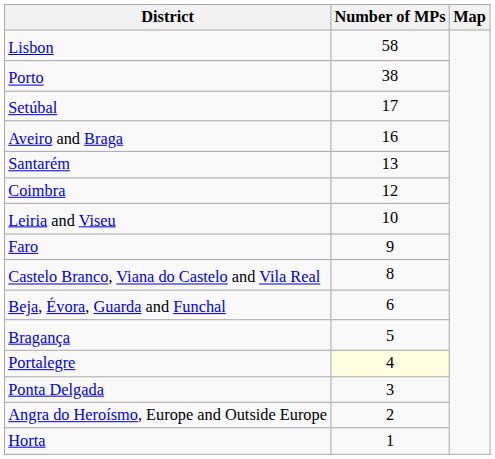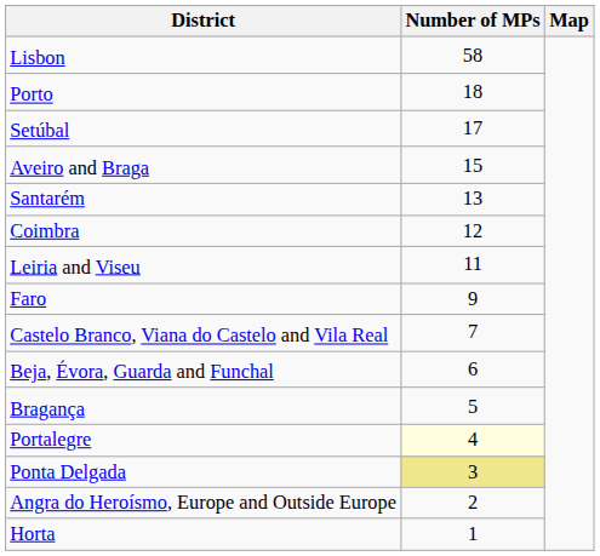 <table class="wikitable">
 <tr>
 <th>District</th>
 <th>Number of MPs</th>
 <th>Map</th>
 </tr>
 <tr>
 <td><a href='#'>Lisbon</a><sup></sup></td>
 <td style="text-align:center;">58</td>
 <td style="text-align:center;" rowspan="15"><br>                        </td>
 </tr>
 <tr>
 <td><a href='#'>Porto</a><sup></sup></td>
-<td style="text-align:center;">38</td>
+<td style="text-align:center;">18</td>
 </tr>
 <tr>
 <td><a href='#'>Setúbal</a><sup></sup></td>
 <td style="text-align:center;">17</td>
 </tr>
 <tr>
 <td><a href='#'>Aveiro</a><sup></sup> and <a href='#'>Braga</a></td>
-<td style="text-align:center;">16</td>
+<td style="text-align:center;">15</td>
 </tr>
 <tr>
 <td><a href='#'>Santarém</a></td>
 <td style="text-align:center;">13</td>
 </tr>
 <tr>
 <td><a href='#'>Coimbra</a></td>
 <td style="text-align:center;">12</td>
 </tr>
 <tr>
 <td><a href='#'>Leiria</a> and <a href='#'>Viseu</a><sup></sup></td>
-<td style="text-align:center;">10</td>
+<td style="text-align:center;">11</td>
 </tr>
 <tr>
 <td><a href='#'>Faro</a></td>
 <td style="text-align:center;">9</td>
 </tr>
 <tr>
 <td><a href='#'>Castelo Branco</a>, <a href='#'>Viana do Castelo</a><sup></sup> and <a href='#'>Vila Real</a><sup></sup></td>
-<td style="text-align:center;">8</td>
+<td style="text-align:center;">7</td>
 </tr>
 <tr>
 <td><a href='#'>Beja</a>, <a href='#'>Évora</a><sup></sup>, <a href='#'>Guarda</a> and <a href='#'>Funchal</a></td>
 <td style="text-align:center;">6</td>
 </tr>
 <tr>
 <td><a href='#'>Bragança</a><sup></sup></td>
 <td style="text-align:center;">5</td>
 </tr>
 <tr>
 <td><a href='#'>Portalegre</a></td>
 <td style="background: lightyellow; text-align:center;">4</td>
 </tr>
 <tr>
 <td><a href='#'>Ponta Delgada</a></td>
-<td style="text-align:center;">3</td>
+<td style="background: khaki; text-align:center;">3</td>
 </tr>
 <tr>
 <td><a href='#'>Angra do Heroísmo</a>, Europe and Outside Europe</td>
 <td style="text-align:center;">2</td>
 </tr>
 <tr>
 <td><a href='#'>Horta</a></td>
 <td style="text-align:center;">1</td>
 </tr>
 </table>
